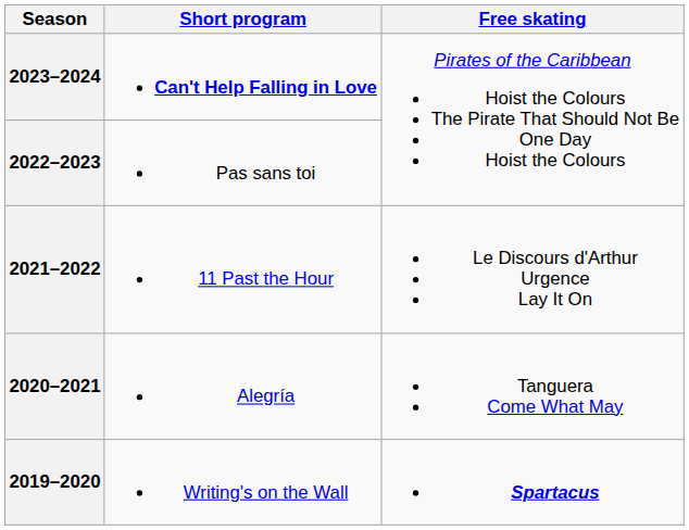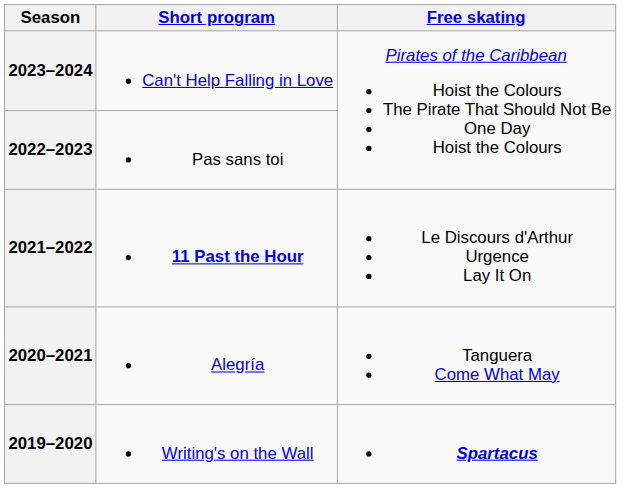 <table class=wikitable style=text-align:center>
 <tr>
 <th>Season</th>
 <th><a href='#'>Short program</a></th>
 <th><a href='#'>Free skating</a></th>
 </tr>
 <tr>
 <th>2023–2024<br></th>
-<td><strong><br><ul><li><a href='#'>Can't Help Falling in Love</a> <br> </li></ul></strong></td>
+<td><br><ul><li><a href='#'>Can't Help Falling in Love</a> <br> </li></ul></td>
 <td rowspan=2><em><a href='#'>Pirates of the Caribbean</a></em><br><ul><li>Hoist the Colours <br></li><li>The Pirate That Should Not Be <br> </li><li>One Day <br></li><li>Hoist the Colours <br> </li></ul></td>
 </tr>
 <tr>
 <th>2022–2023<br></th>
 <td><br><ul><li>Pas sans toi <br> </li></ul></td>
 </tr>
 <tr>
 <th>2021–2022<br></th>
-<td><br><ul><li><a href='#'>11 Past the Hour</a> <br> </li></ul></td>
+<td><strong><br><ul><li><a href='#'>11 Past the Hour</a> <br> </li></ul></strong></td>
 <td><br><ul><li>Le Discours d'Arthur</li><li>Urgence <br> </li><li>Lay It On <br> </li></ul></td>
 </tr>
 <tr>
 <th>2020–2021<br></th>
 <td><br><ul><li><a href='#'>Alegría</a><br></li></ul></td>
 <td><br><ul><li>Tanguera<br></li><li><a href='#'>Come What May</a><br></li></ul></td>
 </tr>
 <tr>
 <th>2019–2020<br></th>
 <td><br><ul><li><a href='#'>Writing's on the Wall</a><br></li></ul></td>
 <td><strong><br><ul><li><em><a href='#'>Spartacus</a></em><br></li></ul></strong></td>
 </tr>
 </table>
